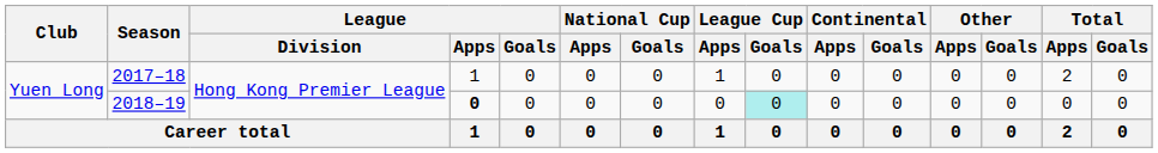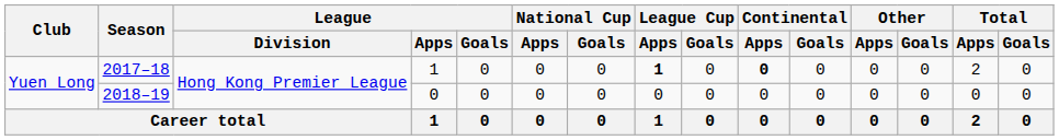 <table class="wikitable" style="text-align: center">
 <tr>
 <th rowspan="2">Club</th>
 <th rowspan="2">Season</th>
 <th colspan="3">League</th>
 <th colspan="2">National Cup</th>
 <th colspan="2">League Cup</th>
 <th colspan="2">Continental</th>
 <th colspan="2">Other</th>
 <th colspan="2">Total</th>
 </tr>
 <tr>
 <th>Division</th>
 <th>Apps</th>
 <th>Goals</th>
 <th>Apps</th>
 <th>Goals</th>
 <th>Apps</th>
 <th>Goals</th>
 <th>Apps</th>
 <th>Goals</th>
 <th>Apps</th>
 <th>Goals</th>
 <th>Apps</th>
 <th>Goals</th>
 </tr>
 <tr>
 <td rowspan="2"><a href='#'>Yuen Long</a></td>
 <td><a href='#'>2017–18</a></td>
 <td rowspan="2"><a href='#'>Hong Kong Premier League</a></td>
 <td>1</td>
 <td>0</td>
 <td>0</td>
 <td>0</td>
-<td>1</td>
+<td><strong>1</strong></td>
 <td>0</td>
-<td>0</td>
+<td><strong>0</strong></td>
 <td>0</td>
 <td>0</td>
 <td>0</td>
 <td>2</td>
 <td>0</td>
 </tr>
 <tr>
 <td><a href='#'>2018–19</a></td>
-<td><strong>0</strong></td>
 <td>0</td>
 <td>0</td>
 <td>0</td>
 <td>0</td>
-<td style="background: paleturquoise;">0</td>
+<td>0</td>
+<td>0</td>
 <td>0</td>
 <td>0</td>
 <td>0</td>
 <td>0</td>
 <td>0</td>
 <td>0</td>
 </tr>
 <tr>
 <th colspan=3>Career total</th>
 <th>1</th>
 <th>0</th>
 <th>0</th>
 <th>0</th>
 <th>1</th>
 <th>0</th>
 <th>0</th>
 <th>0</th>
 <th>0</th>
 <th>0</th>
 <th>2</th>
 <th>0</th>
 </tr>
 </table>
